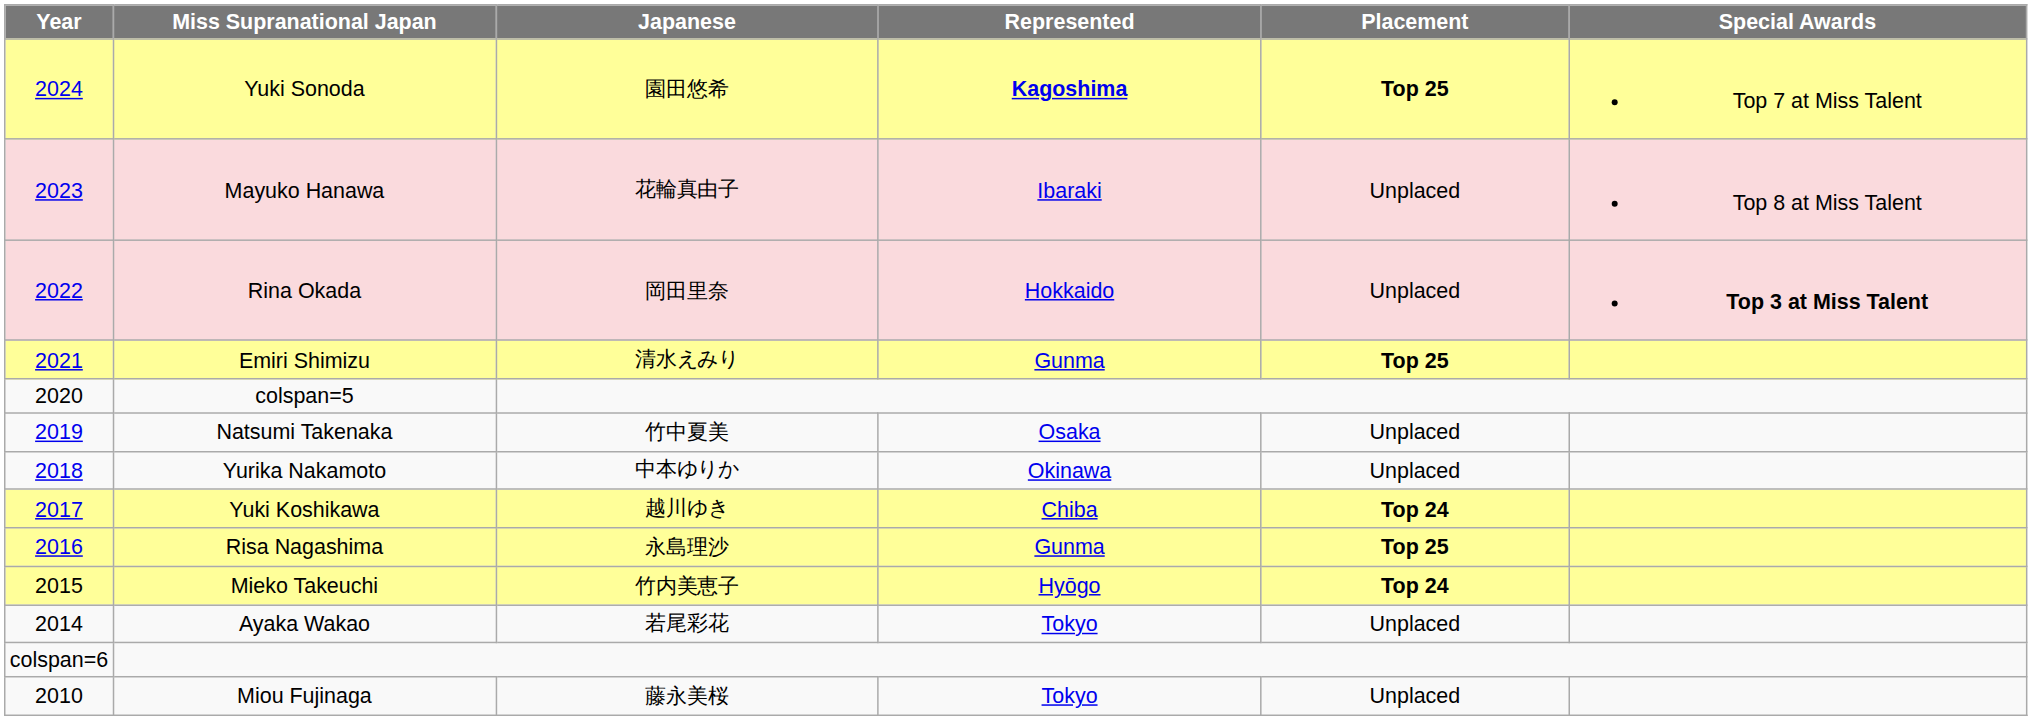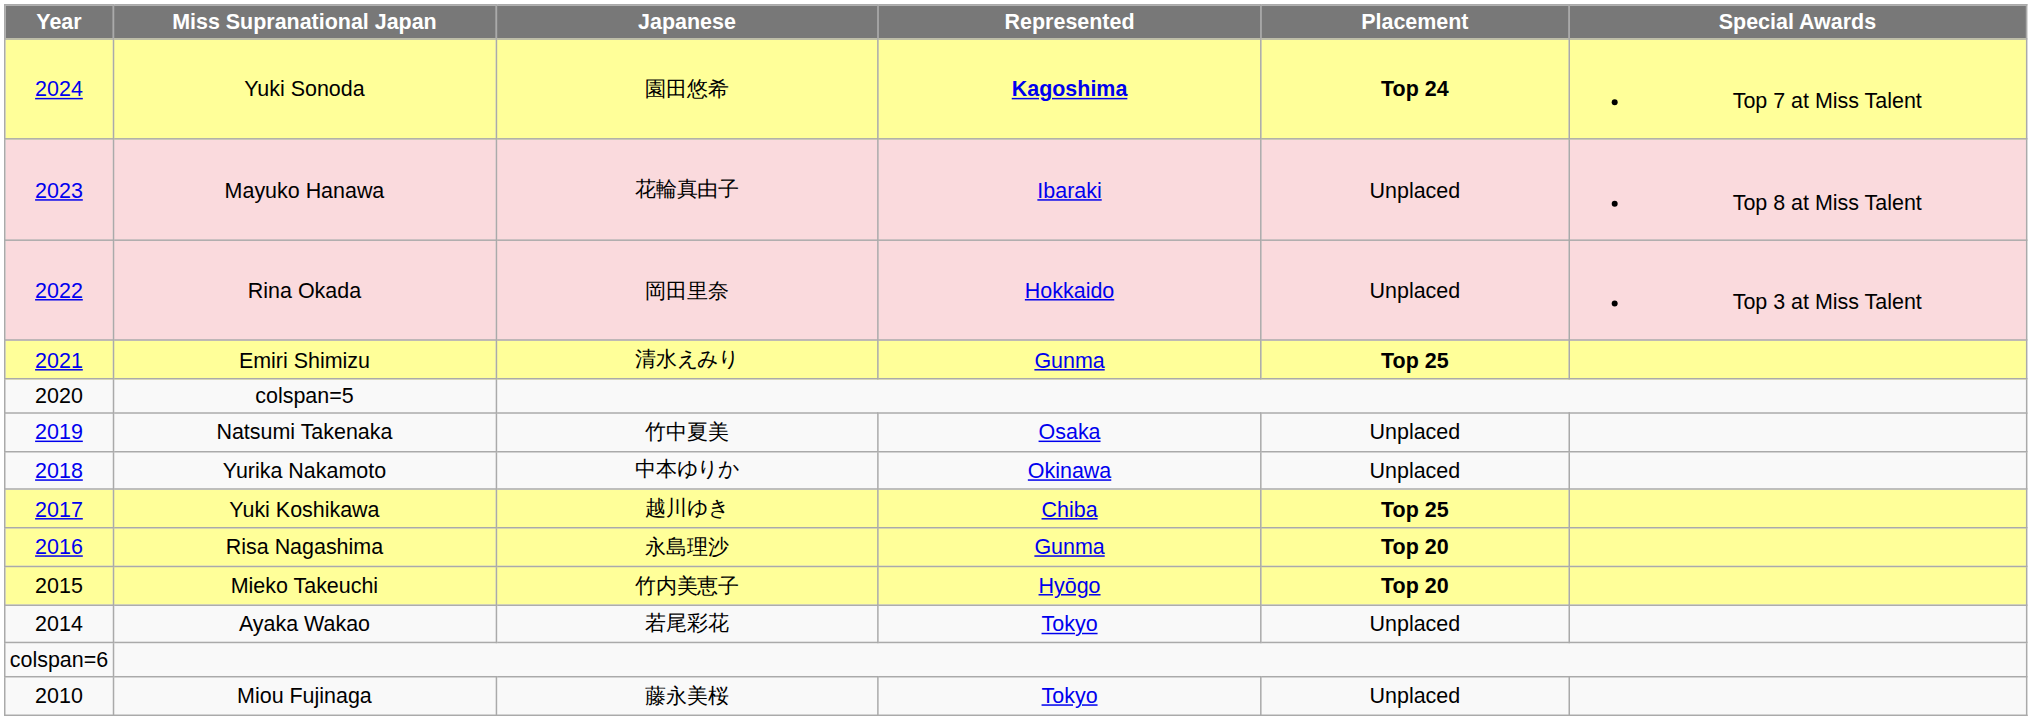 <table class="wikitable sortable" style="font-size: 90%; text-align:center">
 <tr>
 <th width="60" style="background-color:#787878;color:#FFFFFF;">Year</th>
 <th width="250" style="background-color:#787878;color:#FFFFFF;">Miss Supranational Japan</th>
 <th width="250" style="background-color:#787878;color:#FFFFFF;">Japanese</th>
 <th width="250" style="background-color:#787878;color:#FFFFFF;">Represented</th>
 <th width="200" style="background-color:#787878;color:#FFFFFF;">Placement</th>
 <th width="300" style="background-color:#787878;color:#FFFFFF;">Special Awards</th>
 </tr>
 <tr style="background:#FFFF99;">
 <td><a href='#'>2024</a></td>
 <td>Yuki Sonoda</td>
 <td>園田悠希</td>
 <td><strong><a href='#'>Kagoshima</a></strong></td>
-<td><strong>Top 25 </strong></td>
+<td><strong>Top 24 </strong></td>
 <td><br><ul><li>Top 7 at Miss Talent</li></ul></td>
 </tr>
 <tr style="background-color:#FADADD">
 <td><a href='#'>2023</a></td>
 <td>Mayuko Hanawa</td>
 <td>花輪真由子</td>
 <td><a href='#'>Ibaraki</a></td>
 <td>Unplaced</td>
 <td><br><ul><li>Top 8 at Miss Talent</li></ul></td>
 </tr>
 <tr style="background-color:#FADADD">
 <td><a href='#'>2022</a></td>
 <td>Rina Okada</td>
 <td>岡田里奈</td>
 <td><a href='#'>Hokkaido</a></td>
 <td>Unplaced</td>
-<td><strong><br><ul><li>Top 3 at Miss Talent</li></ul></strong></td>
+<td><br><ul><li>Top 3 at Miss Talent</li></ul></td>
 </tr>
 <tr style="background:#FFFF99;">
 <td><a href='#'>2021</a></td>
 <td>Emiri Shimizu</td>
 <td>清水えみり</td>
 <td><a href='#'>Gunma</a></td>
 <td><strong>Top 25 </strong></td>
 <td></td>
 </tr>
 <tr>
 <td>2020</td>
 <td>colspan=5 </td>
 </tr>
 <tr>
 <td><a href='#'>2019</a></td>
 <td>Natsumi Takenaka</td>
 <td>竹中夏美</td>
 <td><a href='#'>Osaka</a></td>
 <td>Unplaced</td>
 <td></td>
 </tr>
 <tr>
 <td><a href='#'>2018</a></td>
 <td>Yurika Nakamoto</td>
 <td>中本ゆりか</td>
 <td><a href='#'>Okinawa</a></td>
 <td>Unplaced</td>
 <td></td>
 </tr>
 <tr style="background:#FFFF99;">
 <td><a href='#'>2017</a></td>
 <td>Yuki Koshikawa</td>
 <td>越川ゆき</td>
 <td><a href='#'>Chiba</a></td>
-<td><strong>Top 24 </strong></td>
+<td><strong>Top 25 </strong></td>
 <td></td>
 </tr>
 <tr style="background:#FFFF99;">
 <td><a href='#'>2016</a></td>
 <td>Risa Nagashima</td>
 <td>永島理沙</td>
 <td><a href='#'>Gunma</a></td>
-<td><strong>Top 25 </strong></td>
+<td><strong>Top 20 </strong></td>
 <td></td>
 </tr>
 <tr style="background:#FFFF99;">
 <td>2015</td>
 <td>Mieko Takeuchi</td>
 <td>竹内美恵子</td>
 <td><a href='#'>Hyōgo</a></td>
-<td><strong>Top 24 </strong></td>
+<td><strong>Top 20 </strong></td>
 <td></td>
 </tr>
 <tr>
 <td>2014</td>
 <td>Ayaka Wakao</td>
 <td>若尾彩花</td>
 <td><a href='#'>Tokyo</a></td>
 <td>Unplaced</td>
 <td></td>
 </tr>
 <tr>
 <td>colspan=6 </td>
 </tr>
 <tr>
 <td>2010</td>
 <td>Miou Fujinaga</td>
 <td>藤永美桜</td>
 <td><a href='#'>Tokyo</a></td>
 <td>Unplaced</td>
 <td></td>
 </tr>
 <tr>
 </tr>
 </table>
